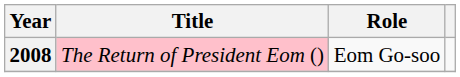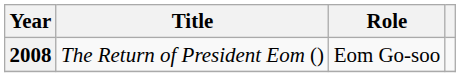 <table class="wikitable plainrowheaders sortable">
 <tr>
 <th scope="col">Year</th>
 <th scope="col">Title</th>
 <th scope="col">Role</th>
 <th scope="col" class="unsortable"></th>
 </tr>
 <tr>
 <th scope="row">2008</th>
-<td style="background: pink;"><em>The Return of President Eom</em> ()</td>
+<td><em>The Return of President Eom</em> ()</td>
 <td>Eom Go-soo</td>
 <td></td>
 </tr>
 <tr>
 </tr>
 </table>
